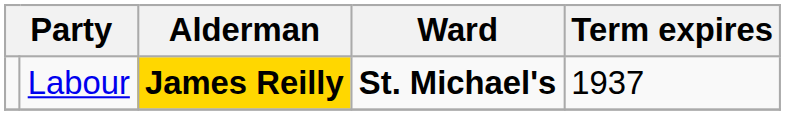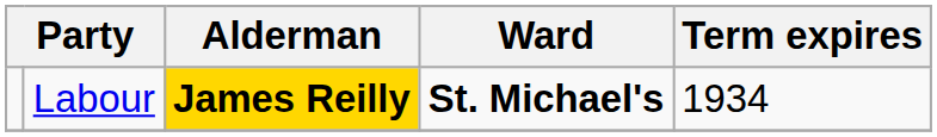 <table class="wikitable">
 <tr>
 <th colspan="2">Party</th>
 <th>Alderman</th>
 <th>Ward</th>
 <th>Term expires</th>
 </tr>
 <tr>
 <td style="background-color:"></td>
 <td><a href='#'>Labour</a></td>
 <td style="background: gold;"><strong>James Reilly</strong></td>
 <td><strong>St. Michael's</strong></td>
-<td>1937</td>
+<td>1934</td>
 </tr>
 <tr>
 </tr>
 </table>
